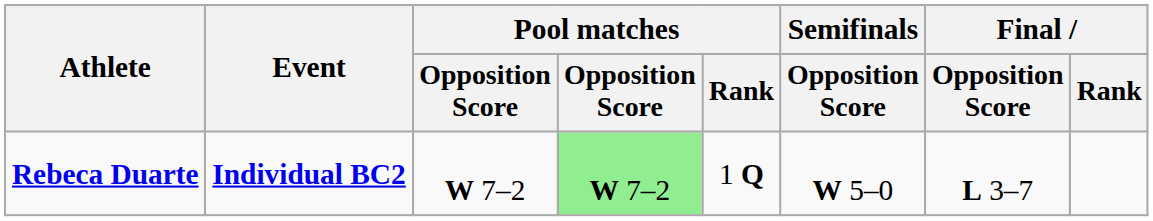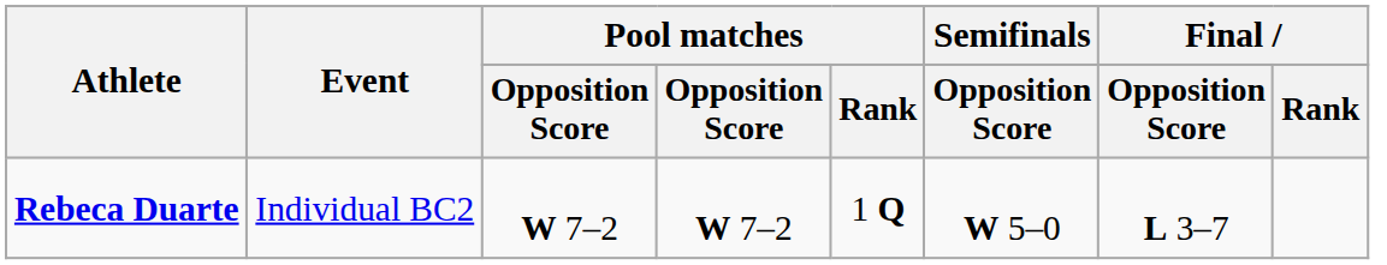 <table class=wikitable style="font-size:90%">
 <tr>
 <th rowspan="2">Athlete</th>
 <th rowspan="2">Event</th>
 <th colspan="3">Pool matches</th>
 <th>Semifinals</th>
 <th colspan=2>Final / </th>
 </tr>
 <tr style="font-size:95%">
 <th>Opposition<br>Score</th>
 <th>Opposition<br>Score</th>
 <th>Rank</th>
 <th>Opposition<br>Score</th>
 <th>Opposition<br>Score</th>
 <th>Rank</th>
 </tr>
 <tr align=center>
 <td align=left><strong><a href='#'>Rebeca Duarte</a></strong></td>
-<td align=left><strong><a href='#'>Individual BC2</a></strong></td>
+<td align=left><a href='#'>Individual BC2</a></td>
 <td><br><strong>W</strong> 7–2</td>
-<td style="background: lightgreen;"><br><strong>W</strong> 7–2</td>
+<td><br><strong>W</strong> 7–2</td>
 <td>1 <strong>Q</strong></td>
 <td><br><strong>W</strong> 5–0</td>
 <td><br><strong>L</strong> 3–7</td>
 <td></td>
 </tr>
 </table>
